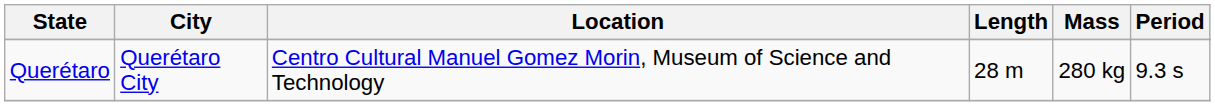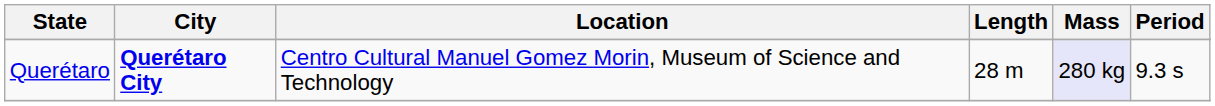 <table class="wikitable">
 <tr>
 <th>State</th>
 <th>City</th>
 <th>Location</th>
 <th>Length</th>
 <th>Mass</th>
 <th>Period</th>
 </tr>
 <tr>
 </tr>
 <tr>
 <td><a href='#'>Querétaro</a></td>
-<td><a href='#'>Querétaro City</a></td>
+<td><strong><a href='#'>Querétaro City</a></strong></td>
 <td><a href='#'>Centro Cultural Manuel Gomez Morin</a>, Museum of Science and Technology</td>
 <td>28 m</td>
-<td>280 kg</td>
+<td style="background: lavender;">280 kg</td>
 <td>9.3 s</td>
 </tr>
 <tr>
 </tr>
 </table>
